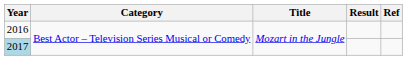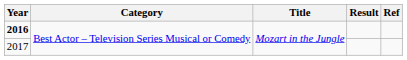 <table class="wikitable">
 <tr>
 <th>Year</th>
 <th>Category</th>
 <th>Title</th>
 <th>Result</th>
 <th>Ref</th>
 </tr>
 <tr>
-<td>2016</td>
+<td><strong>2016</strong></td>
 <td rowspan="2"><a href='#'>Best Actor – Television Series Musical or Comedy</a></td>
 <td rowspan="2"><em><a href='#'>Mozart in the Jungle</a></em></td>
 <td></td>
 <td></td>
 </tr>
 <tr>
-<td style="background: lightblue;">2017</td>
+<td>2017</td>
 <td></td>
 <td></td>
 </tr>
 </table>
